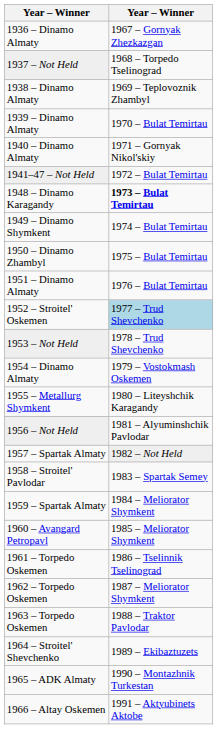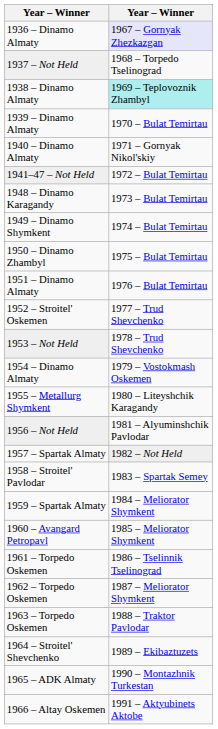 <table class="wikitable" width=50%>
 <tr>
 <th width=50%>Year – Winner</th>
 <th width=50%>Year – Winner</th>
 </tr>
 <tr>
 <td>1936 – Dinamo Almaty</td>
-<td>1967 – <a href='#'>Gornyak Zhezkazgan</a></td>
+<td style="background: lavender;">1967 – <a href='#'>Gornyak Zhezkazgan</a></td>
 </tr>
 <tr>
 <td style=background:#efefef>1937 – <em>Not Held</em></td>
 <td>1968 – Torpedo Tselinograd</td>
 </tr>
 <tr>
 <td>1938 – Dinamo Almaty</td>
-<td>1969 – Teplovoznik Zhambyl</td>
+<td style="background: paleturquoise;">1969 – Teplovoznik Zhambyl</td>
 </tr>
 <tr>
 <td>1939 – Dinamo Almaty</td>
 <td>1970 – <a href='#'>Bulat Temirtau</a></td>
 </tr>
 <tr>
 <td>1940 – Dinamo Almaty</td>
 <td>1971 – Gornyak Nikol'skiy</td>
 </tr>
 <tr>
 <td style=background:#efefef>1941–47 – <em>Not Held</em></td>
 <td>1972 – <a href='#'>Bulat Temirtau</a></td>
 </tr>
 <tr>
 <td>1948 – Dinamo Karagandy</td>
-<td><strong>1973 – <a href='#'>Bulat Temirtau</a></strong></td>
+<td>1973 – <a href='#'>Bulat Temirtau</a></td>
 </tr>
 <tr>
 <td>1949 – Dinamo Shymkent</td>
 <td>1974 – <a href='#'>Bulat Temirtau</a></td>
 </tr>
 <tr>
 <td>1950 – Dinamo Zhambyl</td>
 <td>1975 – <a href='#'>Bulat Temirtau</a></td>
 </tr>
 <tr>
 <td>1951 – Dinamo Almaty</td>
 <td>1976 – <a href='#'>Bulat Temirtau</a></td>
 </tr>
 <tr>
 <td>1952 – Stroitel' Oskemen</td>
-<td style="background: lightblue;">1977 – <a href='#'>Trud Shevchenko</a></td>
+<td>1977 – <a href='#'>Trud Shevchenko</a></td>
 </tr>
 <tr>
 <td style=background:#efefef>1953 – <em>Not Held</em></td>
 <td>1978 – <a href='#'>Trud Shevchenko</a></td>
 </tr>
 <tr>
 <td>1954 – Dinamo Almaty</td>
 <td>1979 – <a href='#'>Vostokmash Oskemen</a></td>
 </tr>
 <tr>
 <td>1955 – <a href='#'>Metallurg Shymkent</a></td>
 <td>1980 – Liteyshchik Karagandy</td>
 </tr>
 <tr>
 <td style=background:#efefef>1956 – <em>Not Held</em></td>
 <td>1981 – Alyuminshchik Pavlodar</td>
 </tr>
 <tr>
 <td>1957 – Spartak Almaty</td>
 <td style=background:#efefef>1982 – <em>Not Held</em></td>
 </tr>
 <tr>
 <td>1958 – Stroitel' Pavlodar</td>
 <td>1983 – <a href='#'>Spartak Semey</a></td>
 </tr>
 <tr>
 <td>1959 – Spartak Almaty</td>
 <td>1984 – <a href='#'>Meliorator Shymkent</a></td>
 </tr>
 <tr>
 <td>1960 – <a href='#'>Avangard Petropavl</a></td>
 <td>1985 – <a href='#'>Meliorator Shymkent</a></td>
 </tr>
 <tr>
 <td>1961 – Torpedo Oskemen</td>
 <td>1986 – <a href='#'>Tselinnik Tselinograd</a></td>
 </tr>
 <tr>
 <td>1962 – Torpedo Oskemen</td>
 <td>1987 – <a href='#'>Meliorator Shymkent</a></td>
 </tr>
 <tr>
 <td>1963 – Torpedo Oskemen</td>
 <td>1988 – <a href='#'>Traktor Pavlodar</a></td>
 </tr>
 <tr>
 <td>1964 – Stroitel' Shevchenko</td>
 <td>1989 – <a href='#'>Ekibaztuzets</a></td>
 </tr>
 <tr>
 <td>1965 – ADK Almaty</td>
 <td>1990 – <a href='#'>Montazhnik Turkestan</a></td>
 </tr>
 <tr>
 <td>1966 – Altay Oskemen</td>
 <td>1991 – <a href='#'>Aktyubinets Aktobe</a></td>
 </tr>
 </table>
